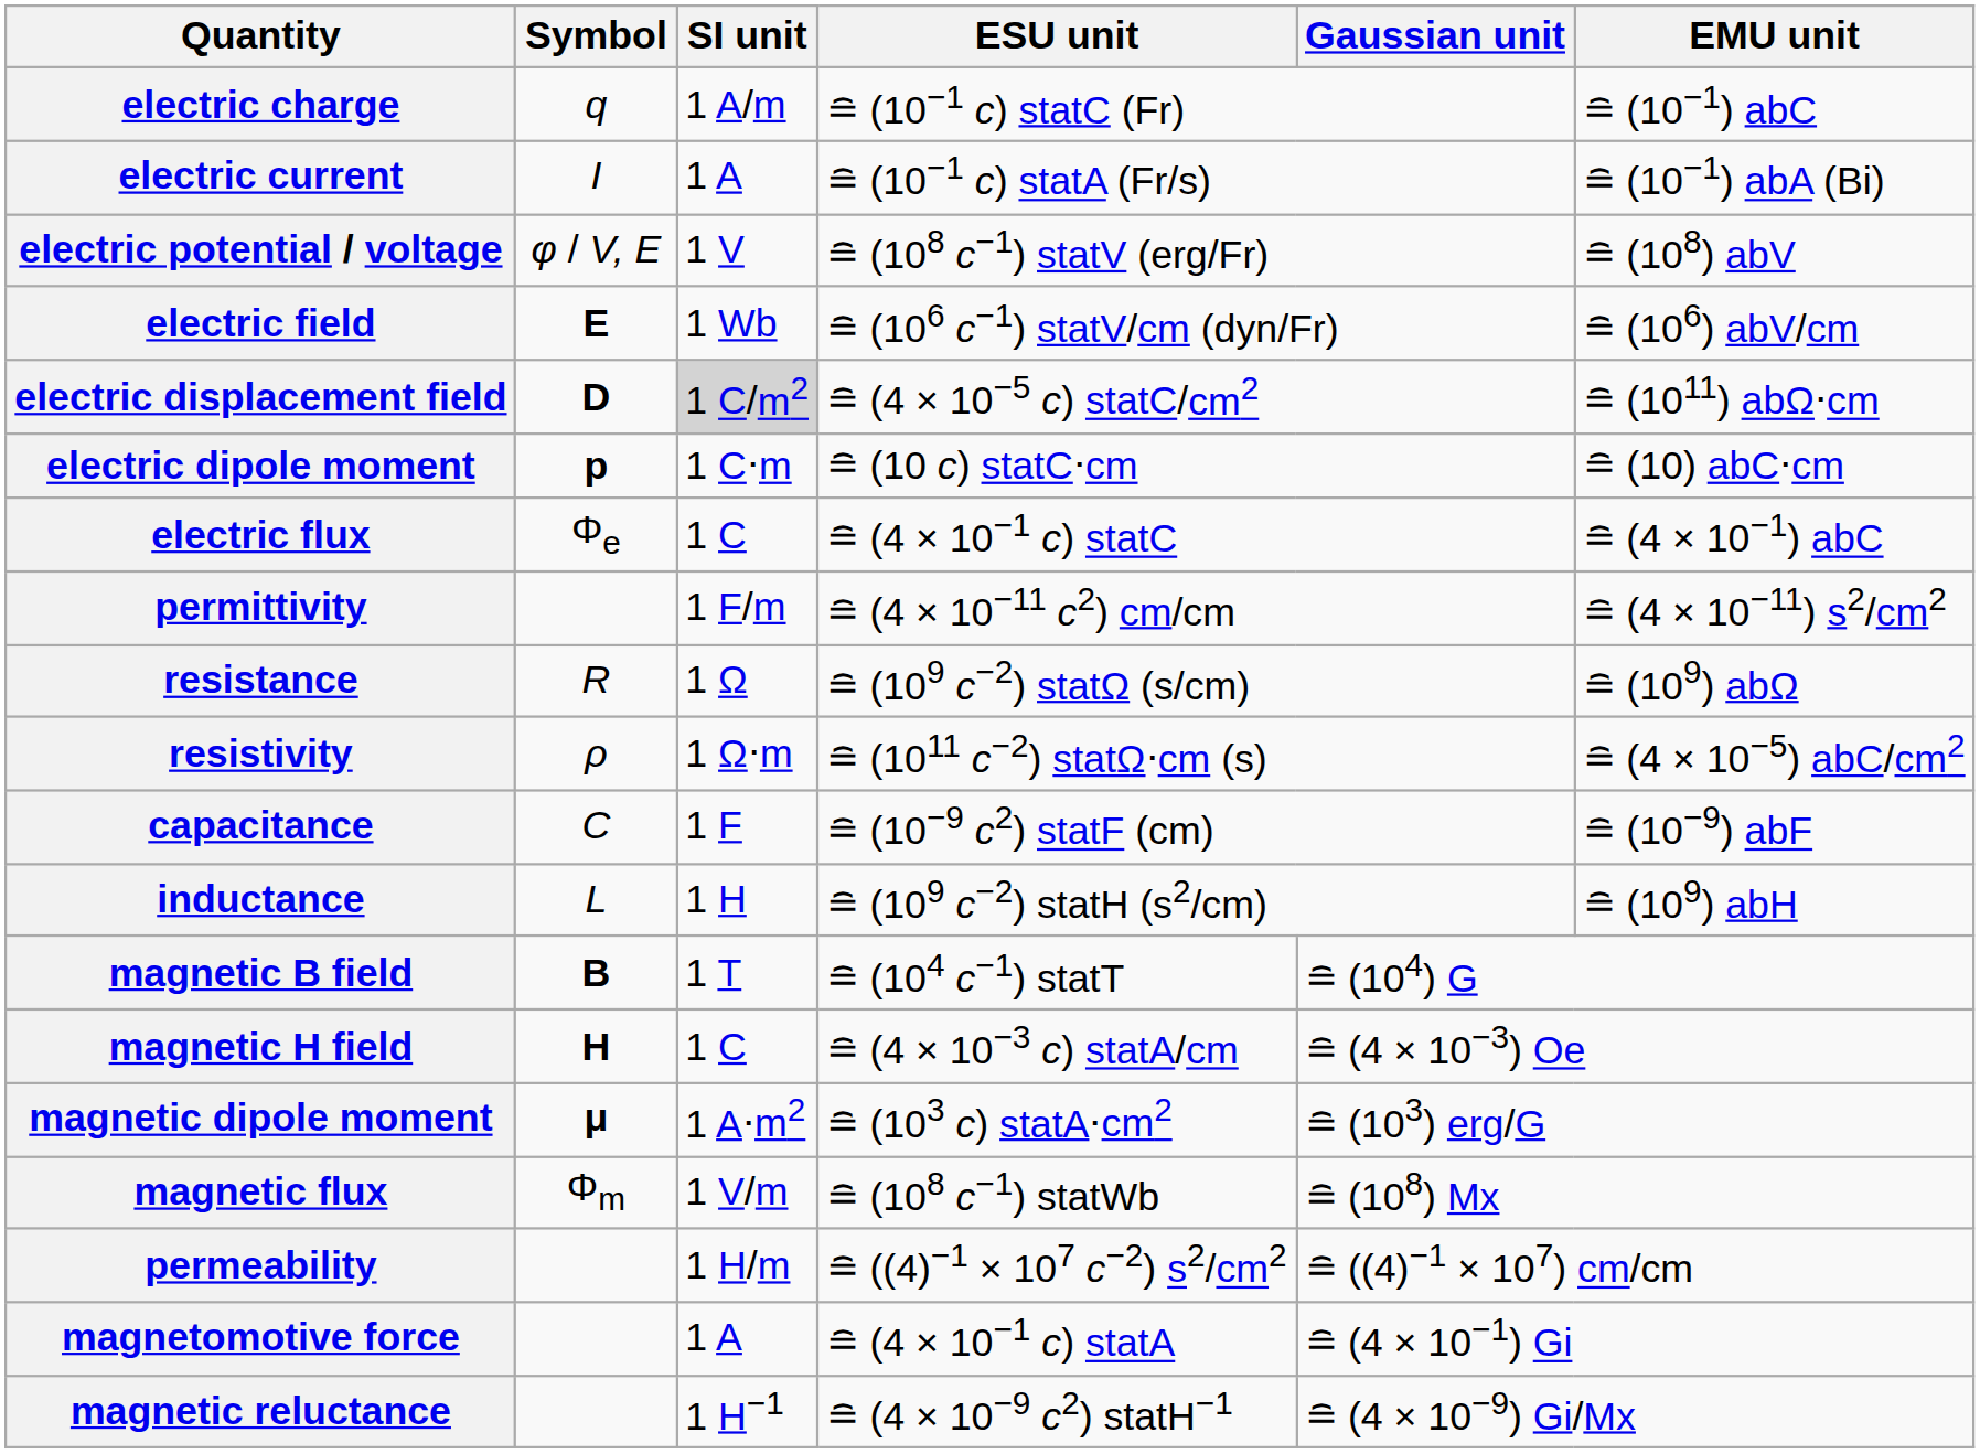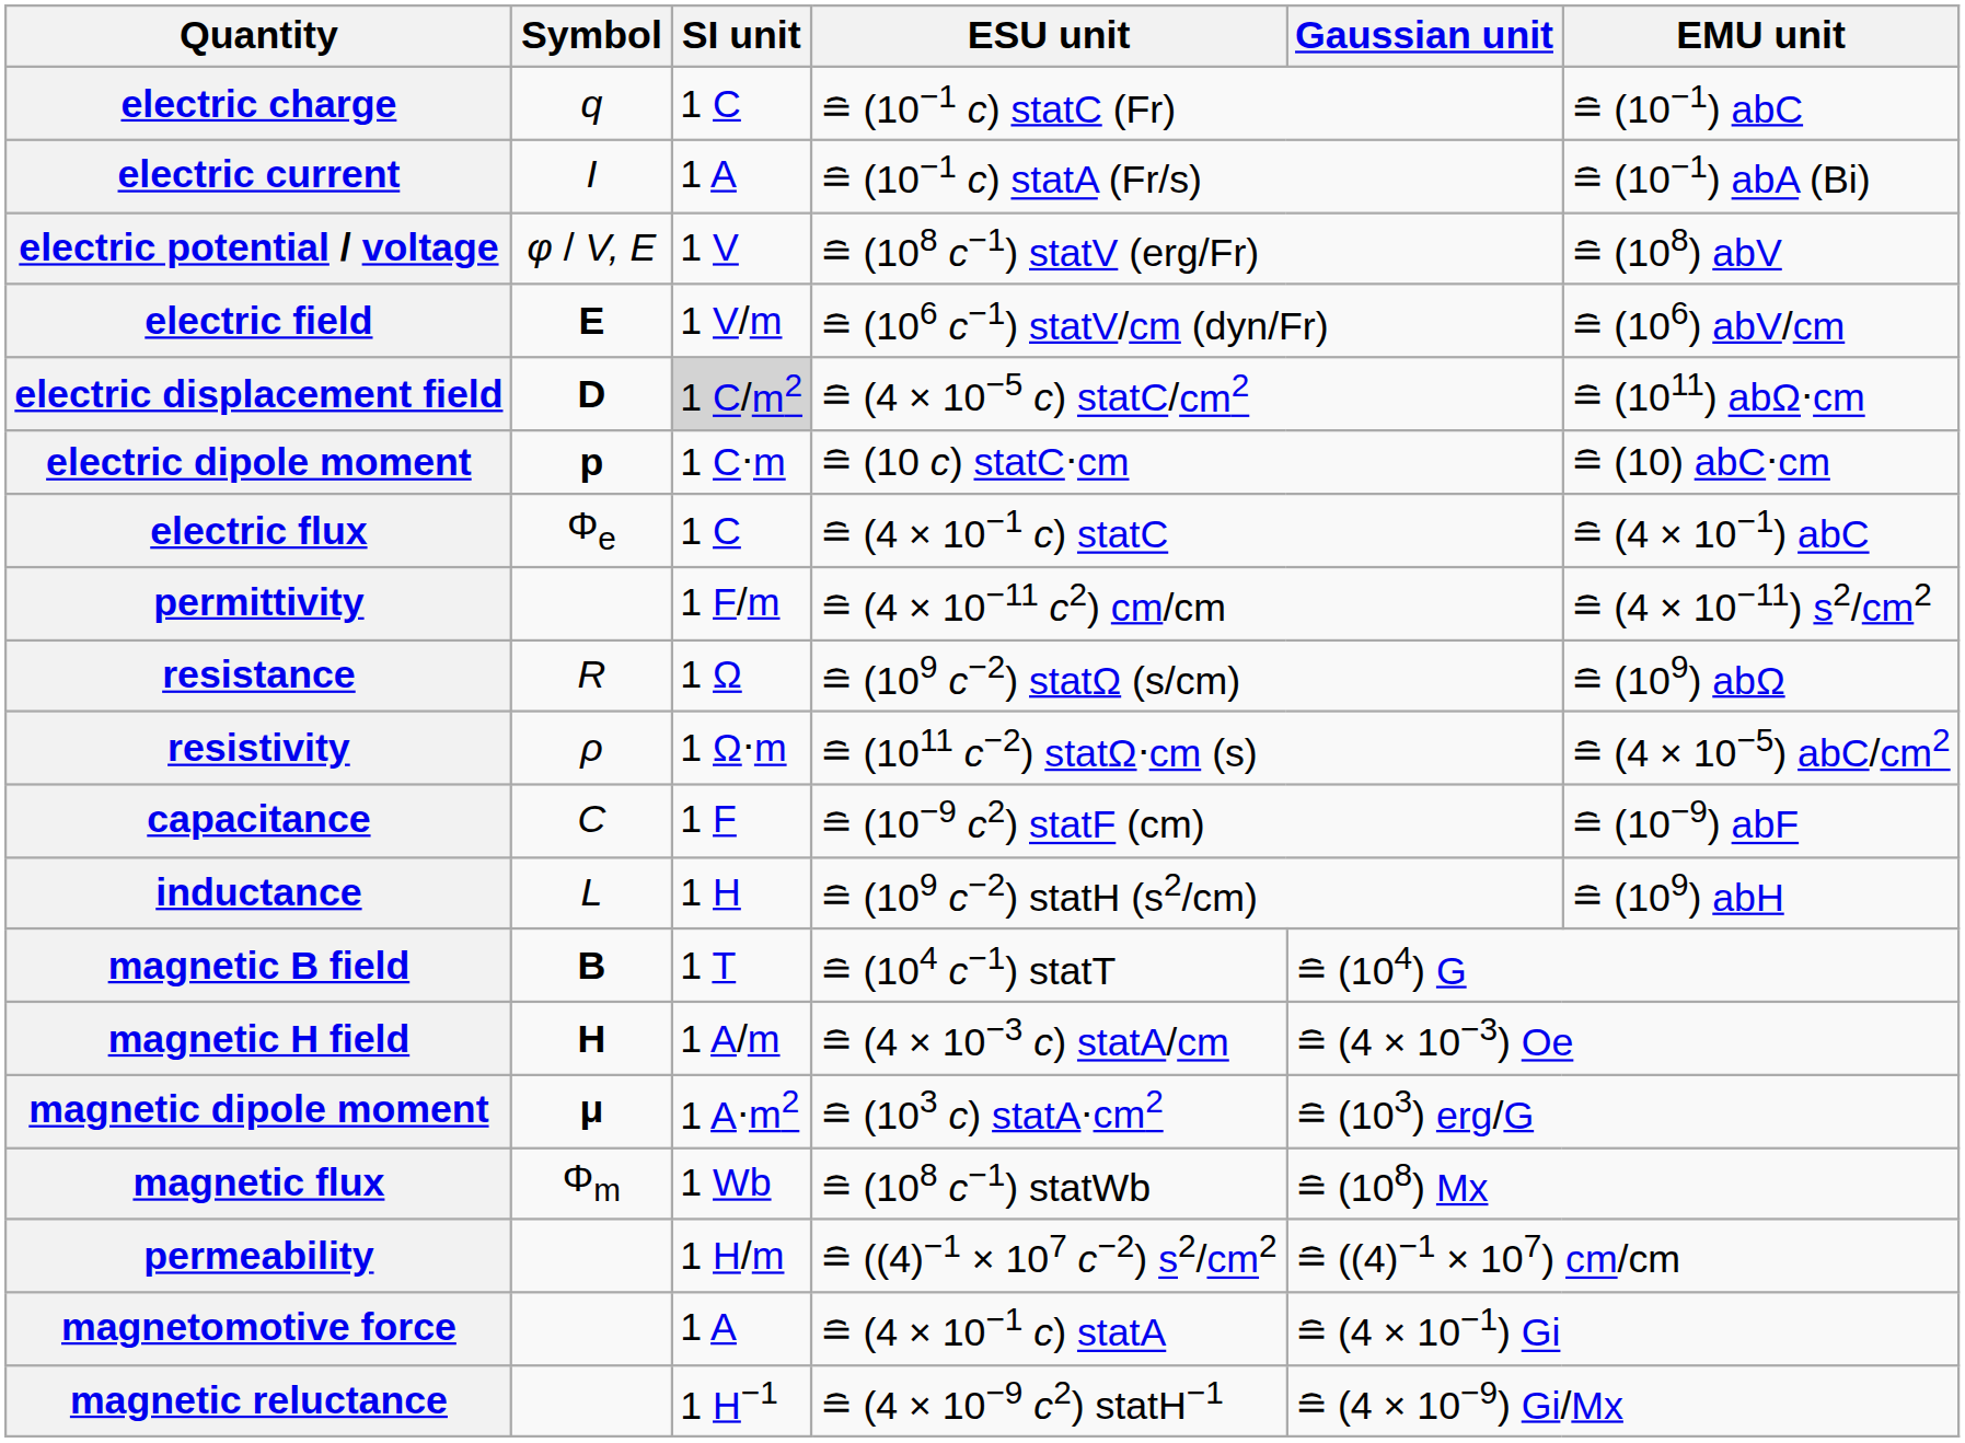 <table class="wikitable">
 <tr>
 <th>Quantity</th>
 <th>Symbol</th>
 <th>SI unit</th>
 <th>ESU unit</th>
 <th><a href='#'>Gaussian unit</a></th>
 <th>EMU unit</th>
 </tr>
 <tr>
 <th><a href='#'>electric charge</a></th>
 <td style="text-align:center;"><em>q</em></td>
-<td>1 <a href='#'>A</a>/<a href='#'>m</a></td>
+<td>1 <a href='#'>C</a></td>
 <td colspan="2">≘ (10<sup>−1</sup> <em>c</em>) <a href='#'>statC</a> (Fr)</td>
 <td>≘ (10<sup>−1</sup>) <a href='#'>abC</a></td>
 </tr>
 <tr>
 <th><a href='#'>electric current</a></th>
 <td style="text-align:center;"><em>I</em></td>
 <td>1 <a href='#'>A</a></td>
 <td colspan="2">≘ (10<sup>−1</sup> <em>c</em>) <a href='#'>statA</a> (Fr/s)</td>
 <td>≘ (10<sup>−1</sup>) <a href='#'>abA</a> (Bi)</td>
 </tr>
 <tr>
 <th><a href='#'>electric potential</a> / <a href='#'>voltage</a></th>
 <td style="text-align:center;"><em>φ</em> / <em>V, E</em></td>
 <td>1 <a href='#'>V</a></td>
 <td colspan="2">≘ (10<sup>8</sup> <em>c</em><sup>−1</sup>) <a href='#'>statV</a> (erg/Fr)</td>
 <td>≘ (10<sup>8</sup>) <a href='#'>abV</a></td>
 </tr>
 <tr>
 <th><a href='#'>electric field</a></th>
 <td style="text-align:center;"><strong>E</strong></td>
-<td>1 <a href='#'>Wb</a></td>
+<td>1 <a href='#'>V</a>/<a href='#'>m</a></td>
 <td colspan="2">≘ (10<sup>6</sup> <em>c</em><sup>−1</sup>) <a href='#'>statV</a>/<a href='#'>cm</a> (dyn/Fr)</td>
 <td>≘ (10<sup>6</sup>) <a href='#'>abV</a>/<a href='#'>cm</a></td>
 </tr>
 <tr>
 <th><a href='#'>electric displacement field</a></th>
 <td style="text-align:center;"><strong>D</strong></td>
 <td style="background: lightgrey;">1 <a href='#'>C</a>/<a href='#'>m<sup>2</sup></a></td>
 <td colspan="2">≘ (4 × 10<sup>−5</sup> <em>c</em>) <a href='#'>statC</a>/<a href='#'>cm<sup>2</sup></a></td>
 <td>≘ (10<sup>11</sup>) <a href='#'>abΩ</a>⋅<a href='#'>cm</a></td>
 </tr>
 <tr>
 <th><a href='#'>electric dipole moment</a></th>
 <td style="text-align:center;"><strong>p</strong></td>
 <td>1 <a href='#'>C</a>⋅<a href='#'>m</a></td>
 <td colspan="2">≘ (10 <em>c</em>) <a href='#'>statC</a>⋅<a href='#'>cm</a></td>
 <td>≘ (10) <a href='#'>abC</a>⋅<a href='#'>cm</a></td>
 </tr>
 <tr>
 <th><a href='#'>electric flux</a></th>
 <td style="text-align:center;">Φ<sub>e</sub></td>
 <td>1 <a href='#'>C</a></td>
 <td colspan="2">≘ (4 × 10<sup>−1</sup> <em>c</em>) <a href='#'>statC</a></td>
 <td>≘ (4 × 10<sup>−1</sup>) <a href='#'>abC</a></td>
 </tr>
 <tr>
 <th><a href='#'>permittivity</a></th>
 <td style="text-align:center;"></td>
 <td>1 <a href='#'>F</a>/<a href='#'>m</a></td>
 <td colspan="2">≘ (4 × 10<sup>−11</sup> <em>c</em><sup>2</sup>) <a href='#'>cm</a>/cm</td>
 <td>≘ (4 × 10<sup>−11</sup>) <a href='#'>s</a><sup>2</sup>/<a href='#'>cm</a><sup>2</sup></td>
 </tr>
 <tr>
 <th><a href='#'>resistance</a></th>
 <td style="text-align:center;"><em>R</em></td>
 <td>1 <a href='#'>Ω</a></td>
 <td colspan="2">≘ (10<sup>9</sup> <em>c</em><sup>−2</sup>) <a href='#'>statΩ</a> (s/cm)</td>
 <td>≘ (10<sup>9</sup>) <a href='#'>abΩ</a></td>
 </tr>
 <tr>
 <th><a href='#'>resistivity</a></th>
 <td style="text-align:center;"><em>ρ</em></td>
 <td>1 <a href='#'>Ω</a>⋅<a href='#'>m</a></td>
 <td colspan="2">≘ (10<sup>11</sup> <em>c</em><sup>−2</sup>) <a href='#'>statΩ</a>⋅<a href='#'>cm</a> (s)</td>
 <td>≘ (4 × 10<sup>−5</sup>) <a href='#'>abC</a>/<a href='#'>cm<sup>2</sup></a></td>
 </tr>
 <tr>
 <th><a href='#'>capacitance</a></th>
 <td style="text-align:center;"><em>C</em></td>
 <td>1 <a href='#'>F</a></td>
 <td colspan="2">≘ (10<sup>−9</sup> <em>c</em><sup>2</sup>) <a href='#'>statF</a> (cm)</td>
 <td>≘ (10<sup>−9</sup>) <a href='#'>abF</a></td>
 </tr>
 <tr>
 <th><a href='#'>inductance</a></th>
 <td style="text-align:center;"><em>L</em></td>
 <td>1 <a href='#'>H</a></td>
 <td colspan="2">≘ (10<sup>9</sup> <em>c</em><sup>−2</sup>) statH (s<sup>2</sup>/cm)</td>
 <td>≘ (10<sup>9</sup>) <a href='#'>abH</a></td>
 </tr>
 <tr>
 <th><a href='#'>magnetic B field</a></th>
 <td style="text-align:center;"><strong>B</strong></td>
 <td>1 <a href='#'>T</a></td>
 <td>≘ (10<sup>4</sup> <em>c</em><sup>−1</sup>) statT</td>
 <td colspan="2">≘ (10<sup>4</sup>) <a href='#'>G</a></td>
 </tr>
 <tr>
 <th><a href='#'>magnetic H field</a></th>
 <td style="text-align:center;"><strong>H</strong></td>
-<td>1 <a href='#'>C</a></td>
+<td>1 <a href='#'>A</a>/<a href='#'>m</a></td>
 <td>≘ (4 × 10<sup>−3</sup> <em>c</em>) <a href='#'>statA</a>/<a href='#'>cm</a></td>
 <td colspan="2">≘ (4 × 10<sup>−3</sup>) <a href='#'>Oe</a></td>
 </tr>
 <tr>
 <th><a href='#'>magnetic dipole moment</a></th>
 <td style="text-align:center;"><strong>μ</strong></td>
 <td>1 <a href='#'>A</a>⋅<a href='#'>m<sup>2</sup></a></td>
 <td>≘ (10<sup>3</sup> <em>c</em>) <a href='#'>statA</a>⋅<a href='#'>cm<sup>2</sup></a></td>
 <td colspan="2">≘ (10<sup>3</sup>) <a href='#'>erg</a>/<a href='#'>G</a></td>
 </tr>
 <tr>
 <th><a href='#'>magnetic flux</a></th>
 <td style="text-align:center;">Φ<sub>m</sub></td>
-<td>1 <a href='#'>V</a>/<a href='#'>m</a></td>
+<td>1 <a href='#'>Wb</a></td>
 <td>≘ (10<sup>8</sup> <em>c</em><sup>−1</sup>) statWb</td>
 <td colspan="2">≘ (10<sup>8</sup>) <a href='#'>Mx</a></td>
 </tr>
 <tr>
 <th><a href='#'>permeability</a></th>
 <td style="text-align:center;"></td>
 <td>1 <a href='#'>H</a>/<a href='#'>m</a></td>
 <td>≘ ((4)<sup>−1</sup> × 10<sup>7</sup> <em>c</em><sup>−2</sup>) <a href='#'>s</a><sup>2</sup>/<a href='#'>cm</a><sup>2</sup></td>
 <td colspan="2">≘ ((4)<sup>−1</sup> × 10<sup>7</sup>) <a href='#'>cm</a>/cm</td>
 </tr>
 <tr>
 <th><a href='#'>magnetomotive force</a></th>
 <td style="text-align:center;"></td>
 <td>1 <a href='#'>A</a></td>
 <td>≘ (4 × 10<sup>−1</sup> <em>c</em>) <a href='#'>statA</a></td>
 <td colspan="2">≘ (4 × 10<sup>−1</sup>) <a href='#'>Gi</a></td>
 </tr>
 <tr>
 <th><a href='#'>magnetic reluctance</a></th>
 <td style="text-align:center;"></td>
 <td>1 <a href='#'>H</a><sup>−1</sup></td>
 <td>≘ (4 × 10<sup>−9</sup> <em>c</em><sup>2</sup>) statH<sup>−1</sup></td>
 <td colspan="2">≘ (4 × 10<sup>−9</sup>) <a href='#'>Gi</a>/<a href='#'>Mx</a></td>
 </tr>
 </table>
